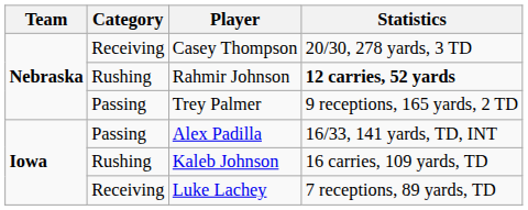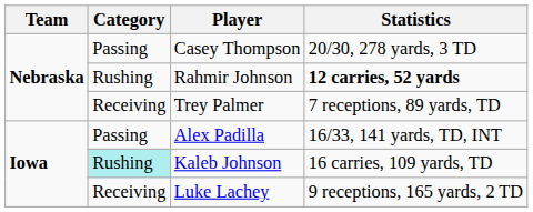 <table class="wikitable" style="float: right;">
 <tr>
 <th>Team</th>
 <th>Category</th>
 <th>Player</th>
 <th>Statistics</th>
 </tr>
 <tr>
 <td rowspan=3><strong>Nebraska</strong></td>
-<td>Receiving</td>
+<td>Passing</td>
 <td>Casey Thompson</td>
 <td>20/30, 278 yards, 3 TD</td>
 </tr>
 <tr>
 <td>Rushing</td>
 <td>Rahmir Johnson</td>
 <td><strong>12 carries, 52 yards</strong></td>
 </tr>
 <tr>
-<td>Passing</td>
+<td>Receiving</td>
 <td>Trey Palmer</td>
-<td>9 receptions, 165 yards, 2 TD</td>
+<td>7 receptions, 89 yards, TD</td>
 </tr>
 <tr>
 <td rowspan=3><strong>Iowa</strong></td>
 <td>Passing</td>
 <td><a href='#'>Alex Padilla</a></td>
 <td>16/33, 141 yards, TD, INT</td>
 </tr>
 <tr>
-<td>Rushing</td>
+<td style="background: paleturquoise;">Rushing</td>
 <td><a href='#'>Kaleb Johnson</a></td>
 <td>16 carries, 109 yards, TD</td>
 </tr>
 <tr>
 <td>Receiving</td>
 <td><a href='#'>Luke Lachey</a></td>
-<td>7 receptions, 89 yards, TD</td>
+<td>9 receptions, 165 yards, 2 TD</td>
 </tr>
 </table>
